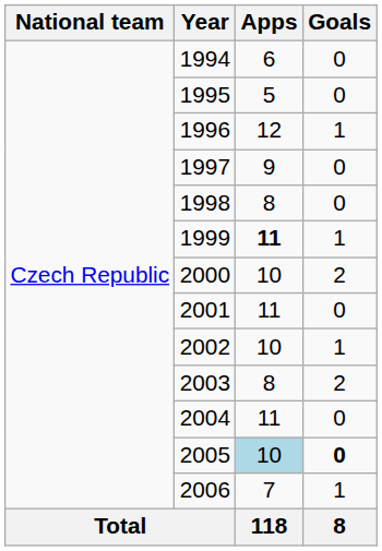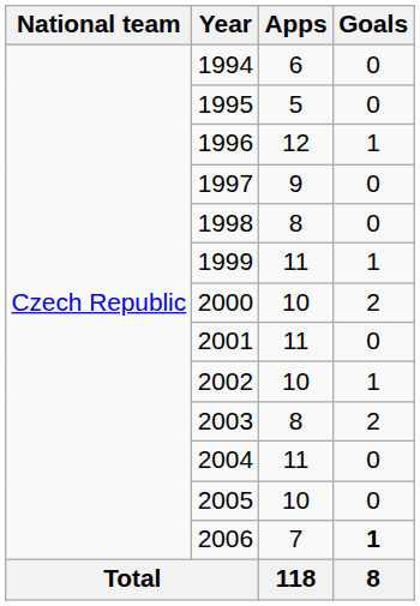 <table class="wikitable" style="text-align:center">
 <tr>
 <th>National team</th>
 <th>Year</th>
 <th>Apps</th>
 <th>Goals</th>
 </tr>
 <tr>
 <td rowspan="13"><a href='#'>Czech Republic</a></td>
 <td>1994</td>
 <td>6</td>
 <td>0</td>
 </tr>
 <tr>
 <td>1995</td>
 <td>5</td>
 <td>0</td>
 </tr>
 <tr>
 <td>1996</td>
 <td>12</td>
 <td>1</td>
 </tr>
 <tr>
 <td>1997</td>
 <td>9</td>
 <td>0</td>
 </tr>
 <tr>
 <td>1998</td>
 <td>8</td>
 <td>0</td>
 </tr>
 <tr>
 <td>1999</td>
-<td><strong>11</strong></td>
+<td>11</td>
 <td>1</td>
 </tr>
 <tr>
 <td>2000</td>
 <td>10</td>
 <td>2</td>
 </tr>
 <tr>
 <td>2001</td>
 <td>11</td>
 <td>0</td>
 </tr>
 <tr>
 <td>2002</td>
 <td>10</td>
 <td>1</td>
 </tr>
 <tr>
 <td>2003</td>
 <td>8</td>
 <td>2</td>
 </tr>
 <tr>
 <td>2004</td>
 <td>11</td>
 <td>0</td>
 </tr>
 <tr>
 <td>2005</td>
-<td style="background: lightblue;">10</td>
-<td><strong>0</strong></td>
+<td>10</td>
+<td>0</td>
 </tr>
 <tr>
 <td>2006</td>
 <td>7</td>
-<td>1</td>
+<td><strong>1</strong></td>
 </tr>
 <tr>
 <th colspan="2">Total</th>
 <th>118</th>
 <th>8</th>
 </tr>
 </table>
